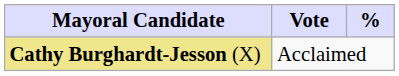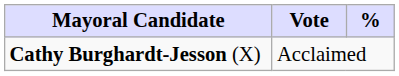 <table class="wikitable">
 <tr>
 <th style="background:#ddf; width:200px;">Mayoral Candidate</th>
 <th style="background:#ddf; width:50px;">Vote</th>
 <th style="background:#ddf; width:30px;">%</th>
 </tr>
 <tr>
-<td style="background: khaki;"><strong>Cathy Burghardt-Jesson</strong> (X)</td>
+<td><strong>Cathy Burghardt-Jesson</strong> (X)</td>
 <td colspan="2">Acclaimed</td>
 </tr>
 </table>
